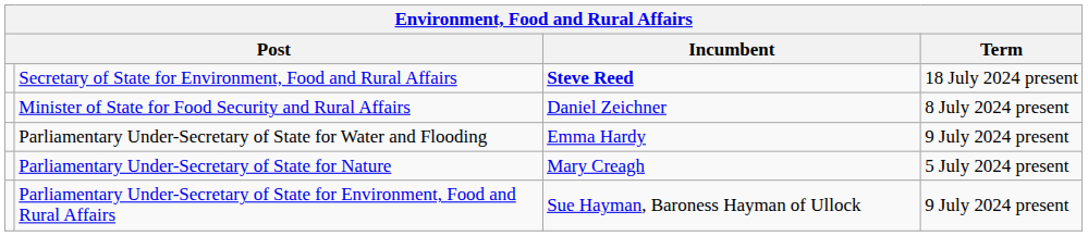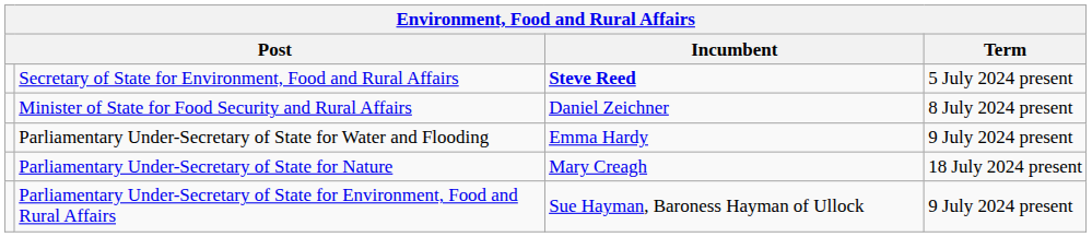 <table class="wikitable">
 <tr>
 <th colspan="5"><a href='#'>Environment, Food and Rural Affairs</a></th>
 </tr>
 <tr>
 <th colspan="3">Post</th>
 <th>Incumbent</th>
 <th>Term</th>
 </tr>
 <tr>
 <td style="width: 1px; background: "></td>
 <td style="width: 450px;"><a href='#'>Secretary of State for Environment, Food and Rural Affairs</a></td>
 <td colspan="2" style="width: 320px;"><strong><a href='#'>Steve Reed</a></strong></td>
-<td>18 July 2024 present</td>
+<td>5 July 2024 present</td>
 </tr>
 <tr>
 <td style="width: 1px; background: "></td>
 <td><a href='#'>Minister of State for Food Security and Rural Affairs</a></td>
 <td colspan="2"><a href='#'>Daniel Zeichner</a></td>
 <td>8 July 2024 present</td>
 </tr>
 <tr>
 <td rowspan="1" style="width: 1px; background: "></td>
 <td rowspan=1>Parliamentary Under-Secretary of State for Water and Flooding</td>
 <td colspan="2" style="width: 320px;"><a href='#'>Emma Hardy</a></td>
 <td>9 July 2024 present</td>
 </tr>
 <tr>
 <td rowspan="1" style="width: 1px; background: "></td>
 <td rowspan="1"><a href='#'>Parliamentary Under-Secretary of State for Nature</a></td>
 <td colspan="2"><a href='#'>Mary Creagh</a> </td>
-<td>5 July 2024 present</td>
+<td>18 July 2024 present</td>
 </tr>
 <tr>
 <td rowspan="1" style="width: 1px; background: "></td>
 <td rowspan="1"><a href='#'>Parliamentary Under-Secretary of State for Environment, Food and Rural Affairs</a></td>
 <td colspan="2"><a href='#'>Sue Hayman</a>, Baroness Hayman of Ullock</td>
 <td>9 July 2024 present</td>
 </tr>
 </table>
